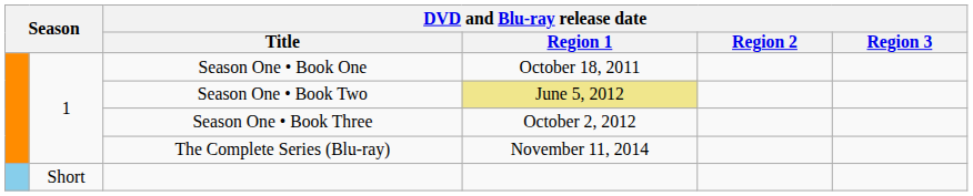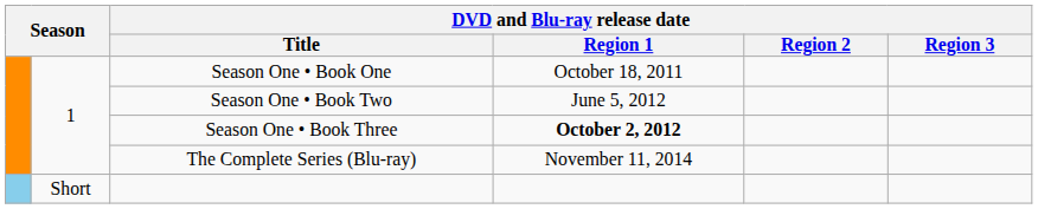 <table class="wikitable"  style="text-align:center; width:70%;">
 <tr>
 <th style="padding:0 8px;" colspan="2" rowspan="2">Season</th>
 <th colspan="6"><a href='#'>DVD</a> and <a href='#'>Blu-ray</a> release date</th>
 </tr>
 <tr>
 <th style="padding:0 8px;">Title</th>
 <th style="padding:0 8px;"><a href='#'>Region 1</a></th>
 <th style="padding:0 8px;"><a href='#'>Region 2</a></th>
 <th style="padding:0 8px;"><a href='#'>Region 3</a></th>
 </tr>
 <tr>
 <td rowspan="4" width="15px" bgcolor="FF8C00"></td>
 <td rowspan="4">1</td>
 <td>Season One • Book One</td>
 <td>October 18, 2011</td>
 <td></td>
 <td></td>
 </tr>
 <tr>
 <td>Season One • Book Two</td>
-<td style="background: khaki;">June 5, 2012</td>
+<td>June 5, 2012</td>
 <td></td>
 <td></td>
 </tr>
 <tr>
 <td>Season One • Book Three</td>
-<td>October 2, 2012</td>
+<td><strong>October 2, 2012</strong></td>
 <td></td>
 <td></td>
 </tr>
 <tr>
 <td>The Complete Series (Blu-ray)</td>
 <td>November 11, 2014</td>
 <td></td>
 <td></td>
 </tr>
 <tr>
 <td width="15px" bgcolor="87CEEB"></td>
 <td>Short</td>
 <td></td>
 <td></td>
 <td></td>
 <td></td>
 </tr>
 </table>
